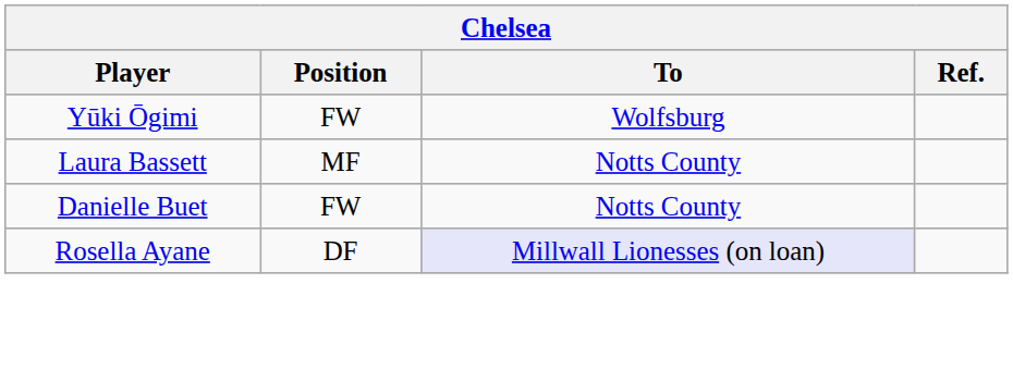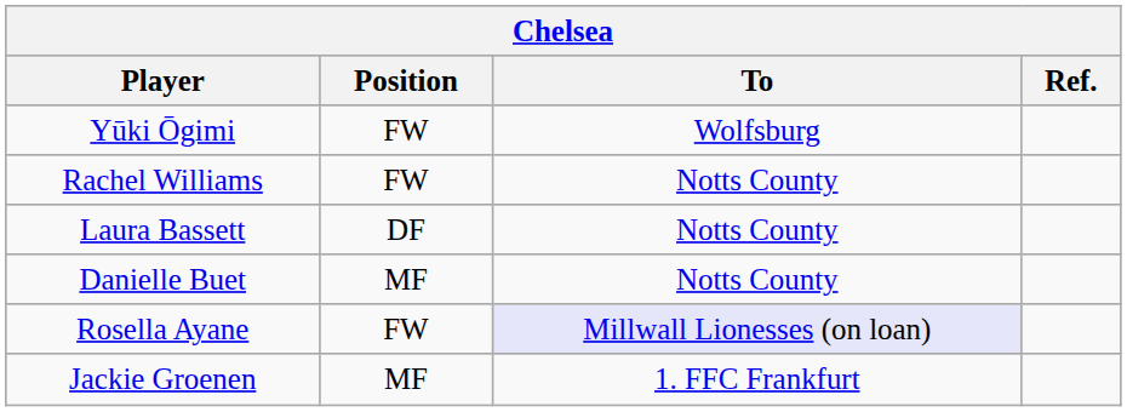 <table class="wikitable sortable collapsible collapsed" style="font-size:95%; text-align: center; width: 90%;">
 <tr>
 <th colspan="4"  style="with:100%; text-align:center;"><strong><a href='#'>Chelsea</a></strong></th>
 </tr>
 <tr>
 <th>Player</th>
 <th>Position</th>
 <th>To</th>
 <th>Ref.</th>
 </tr>
 <tr>
 <td> <a href='#'>Yūki Ōgimi</a></td>
 <td>FW</td>
 <td><a href='#'>Wolfsburg</a></td>
 <td></td>
 </tr>
 <tr>
+<td> <a href='#'>Rachel Williams</a></td>
+<td>FW</td>
+<td><a href='#'>Notts County</a></td>
+<td></td>
+</tr>
+<tr>
 <td> <a href='#'>Laura Bassett</a></td>
+<td>DF</td>
+<td><a href='#'>Notts County</a></td>
+<td></td>
+</tr>
+<tr>
+<td> <a href='#'>Danielle Buet</a></td>
 <td>MF</td>
 <td><a href='#'>Notts County</a></td>
 <td></td>
 </tr>
 <tr>
-<td> <a href='#'>Danielle Buet</a></td>
+<td> <a href='#'>Rosella Ayane</a></td>
 <td>FW</td>
-<td><a href='#'>Notts County</a></td>
+<td style="background: lavender;"><a href='#'>Millwall Lionesses</a> (on loan)</td>
 <td></td>
 </tr>
 <tr>
-<td> <a href='#'>Rosella Ayane</a></td>
-<td>DF</td>
-<td style="background: lavender;"><a href='#'>Millwall Lionesses</a> (on loan)</td>
+<td> <a href='#'>Jackie Groenen</a></td>
+<td>MF</td>
+<td><a href='#'>1. FFC Frankfurt</a></td>
 <td></td>
 </tr>
 </table>
